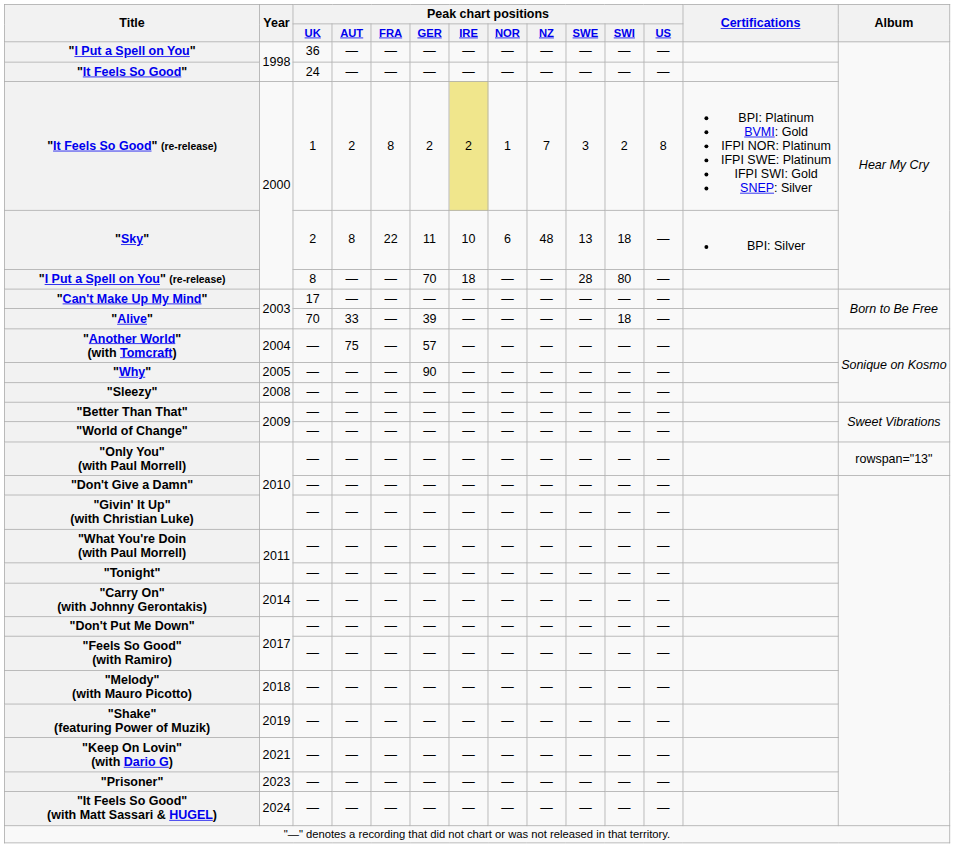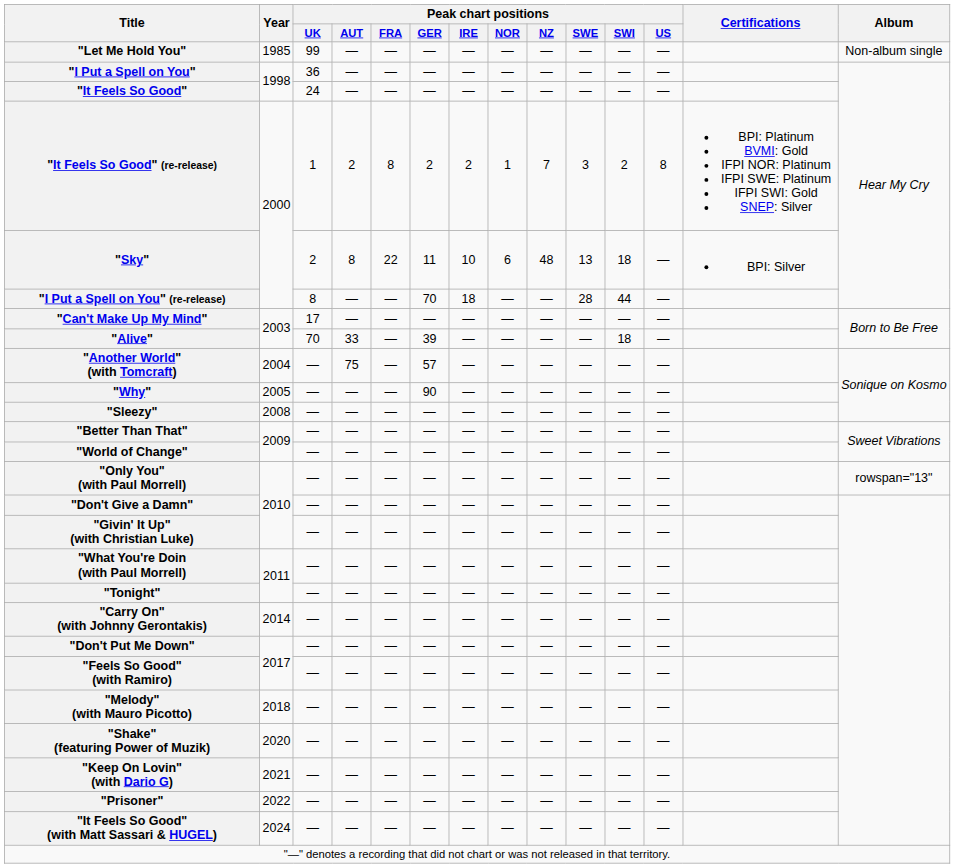 <table class="wikitable plainrowheaders" style="text-align:center;">
 <tr>
 <th scope="col" rowspan="2" style="width:20em;">Title</th>
 <th scope="col" rowspan="2">Year</th>
 <th scope="col" colspan="10">Peak chart positions</th>
 <th scope="col" rowspan="2" style="width:12em;"><a href='#'>Certifications</a></th>
 <th scope="col" rowspan="2">Album</th>
 </tr>
 <tr>
 <th style="width:3em;font-size:90%;"><a href='#'>UK</a><br></th>
 <th style="width:3em;font-size:90%;"><a href='#'>AUT</a><br></th>
 <th style="width:3em;font-size:90%;"><a href='#'>FRA</a><br></th>
 <th style="width:3em;font-size:90%;"><a href='#'>GER</a><br></th>
 <th style="width:3em;font-size:90%;"><a href='#'>IRE</a><br></th>
 <th style="width:3em;font-size:90%;"><a href='#'>NOR</a><br></th>
 <th style="width:3em;font-size:90%;"><a href='#'>NZ</a><br></th>
 <th style="width:3em;font-size:90%;"><a href='#'>SWE</a><br></th>
 <th style="width:3em;font-size:90%;"><a href='#'>SWI</a><br></th>
 <th style="width:3em;font-size:90%;"><a href='#'>US</a><br></th>
+</tr>
+<tr>
+<th scope="row">"Let Me Hold You"</th>
+<td>1985</td>
+<td>99</td>
+<td>—</td>
+<td>—</td>
+<td>—</td>
+<td>—</td>
+<td>—</td>
+<td>—</td>
+<td>—</td>
+<td>—</td>
+<td>—</td>
+<td></td>
+<td>Non-album single</td>
 </tr>
 <tr>
 <th scope="row">"<a href='#'>I Put a Spell on You</a>"</th>
 <td rowspan="2">1998</td>
 <td>36</td>
 <td>—</td>
 <td>—</td>
 <td>—</td>
 <td>—</td>
 <td>—</td>
 <td>—</td>
 <td>—</td>
 <td>—</td>
 <td>—</td>
 <td></td>
 <td rowspan="5"><em>Hear My Cry</em></td>
 </tr>
 <tr>
 <th scope="row">"<a href='#'>It Feels So Good</a>"</th>
 <td>24</td>
 <td>—</td>
 <td>—</td>
 <td>—</td>
 <td>—</td>
 <td>—</td>
 <td>—</td>
 <td>—</td>
 <td>—</td>
 <td>—</td>
 <td></td>
 </tr>
 <tr>
 <th scope="row">"<a href='#'>It Feels So Good</a>" <small>(re-release)</small></th>
 <td rowspan=3>2000</td>
 <td>1</td>
 <td>2</td>
 <td>8</td>
 <td>2</td>
-<td style="background: khaki;">2</td>
+<td>2</td>
 <td>1</td>
 <td>7</td>
 <td>3</td>
 <td>2</td>
 <td>8</td>
 <td><br><ul><li>BPI: Platinum</li><li><a href='#'>BVMI</a>: Gold</li><li>IFPI NOR: Platinum</li><li>IFPI SWE: Platinum</li><li>IFPI SWI: Gold</li><li><a href='#'>SNEP</a>: Silver</li></ul></td>
 </tr>
 <tr>
 <th scope="row">"<a href='#'>Sky</a>"</th>
 <td>2</td>
 <td>8</td>
 <td>22</td>
 <td>11</td>
 <td>10</td>
 <td>6</td>
 <td>48</td>
 <td>13</td>
 <td>18</td>
 <td>—</td>
 <td><br><ul><li>BPI: Silver</li></ul></td>
 </tr>
 <tr>
 <th scope="row">"<a href='#'>I Put a Spell on You</a>" <small>(re-release)</small></th>
 <td>8</td>
 <td>—</td>
 <td>—</td>
 <td>70</td>
 <td>18</td>
 <td>—</td>
 <td>—</td>
 <td>28</td>
-<td>80</td>
+<td>44</td>
 <td>—</td>
 <td></td>
 </tr>
 <tr>
 <th scope="row">"<a href='#'>Can't Make Up My Mind</a>"</th>
 <td rowspan="2">2003</td>
 <td>17</td>
 <td>—</td>
 <td>—</td>
 <td>—</td>
 <td>—</td>
 <td>—</td>
 <td>—</td>
 <td>—</td>
 <td>—</td>
 <td>—</td>
 <td></td>
 <td rowspan="2"><em>Born to Be Free</em></td>
 </tr>
 <tr>
 <th scope="row">"<a href='#'>Alive</a>"</th>
 <td>70</td>
 <td>33</td>
 <td>—</td>
 <td>39</td>
 <td>—</td>
 <td>—</td>
 <td>—</td>
 <td>—</td>
 <td>18</td>
 <td>—</td>
 <td></td>
 </tr>
 <tr>
 <th scope="row">"<a href='#'>Another World</a>"<br><span>(with <a href='#'>Tomcraft</a>)</span></th>
 <td>2004</td>
 <td>—</td>
 <td>75</td>
 <td>—</td>
 <td>57</td>
 <td>—</td>
 <td>—</td>
 <td>—</td>
 <td>—</td>
 <td>—</td>
 <td>—</td>
 <td></td>
 <td rowspan="3"><em>Sonique on Kosmo</em></td>
 </tr>
 <tr>
 <th scope="row">"<a href='#'>Why</a>"</th>
 <td>2005</td>
 <td>—</td>
 <td>—</td>
 <td>—</td>
 <td>90</td>
 <td>—</td>
 <td>—</td>
 <td>—</td>
 <td>—</td>
 <td>—</td>
 <td>—</td>
 <td></td>
 </tr>
 <tr>
 <th scope="row">"Sleezy"</th>
 <td>2008</td>
 <td>—</td>
 <td>—</td>
 <td>—</td>
 <td>—</td>
 <td>—</td>
 <td>—</td>
 <td>—</td>
 <td>—</td>
 <td>—</td>
 <td>—</td>
 <td></td>
 </tr>
 <tr>
 <th scope="row">"Better Than That"</th>
 <td rowspan="2">2009</td>
 <td>—</td>
 <td>—</td>
 <td>—</td>
 <td>—</td>
 <td>—</td>
 <td>—</td>
 <td>—</td>
 <td>—</td>
 <td>—</td>
 <td>—</td>
 <td></td>
 <td rowspan="2"><em>Sweet Vibrations</em></td>
 </tr>
 <tr>
 <th scope="row">"World of Change"</th>
 <td>—</td>
 <td>—</td>
 <td>—</td>
 <td>—</td>
 <td>—</td>
 <td>—</td>
 <td>—</td>
 <td>—</td>
 <td>—</td>
 <td>—</td>
 <td></td>
 </tr>
 <tr>
 <th scope="row">"Only You"<br><span>(with Paul Morrell)</span></th>
 <td rowspan="3">2010</td>
 <td>—</td>
 <td>—</td>
 <td>—</td>
 <td>—</td>
 <td>—</td>
 <td>—</td>
 <td>—</td>
 <td>—</td>
 <td>—</td>
 <td>—</td>
 <td></td>
 <td>rowspan="13" </td>
 </tr>
 <tr>
 <th scope="row">"Don't Give a Damn"</th>
 <td>—</td>
 <td>—</td>
 <td>—</td>
 <td>—</td>
 <td>—</td>
 <td>—</td>
 <td>—</td>
 <td>—</td>
 <td>—</td>
 <td>—</td>
 <td></td>
 </tr>
 <tr>
 <th scope="row">"Givin' It Up"<br><span>(with Christian Luke)</span></th>
 <td>—</td>
 <td>—</td>
 <td>—</td>
 <td>—</td>
 <td>—</td>
 <td>—</td>
 <td>—</td>
 <td>—</td>
 <td>—</td>
 <td>—</td>
 <td></td>
 </tr>
 <tr>
 <th scope="row">"What You're Doin<br><span>(with Paul Morrell)</span></th>
 <td rowspan="2">2011</td>
 <td>—</td>
 <td>—</td>
 <td>—</td>
 <td>—</td>
 <td>—</td>
 <td>—</td>
 <td>—</td>
 <td>—</td>
 <td>—</td>
 <td>—</td>
 <td></td>
 </tr>
 <tr>
 <th scope="row">"Tonight"</th>
 <td>—</td>
 <td>—</td>
 <td>—</td>
 <td>—</td>
 <td>—</td>
 <td>—</td>
 <td>—</td>
 <td>—</td>
 <td>—</td>
 <td>—</td>
 <td></td>
 </tr>
 <tr>
 <th scope="row">"Carry On"<br><span>(with Johnny Gerontakis)</span></th>
 <td>2014</td>
 <td>—</td>
 <td>—</td>
 <td>—</td>
 <td>—</td>
 <td>—</td>
 <td>—</td>
 <td>—</td>
 <td>—</td>
 <td>—</td>
 <td>—</td>
 <td></td>
 </tr>
 <tr>
 <th scope="row">"Don't Put Me Down"</th>
 <td rowspan="2">2017</td>
 <td>—</td>
 <td>—</td>
 <td>—</td>
 <td>—</td>
 <td>—</td>
 <td>—</td>
 <td>—</td>
 <td>—</td>
 <td>—</td>
 <td>—</td>
 <td></td>
 </tr>
 <tr>
 <th scope="row">"Feels So Good"<br><span>(with Ramiro)</span></th>
 <td>—</td>
 <td>—</td>
 <td>—</td>
 <td>—</td>
 <td>—</td>
 <td>—</td>
 <td>—</td>
 <td>—</td>
 <td>—</td>
 <td>—</td>
 <td></td>
 </tr>
 <tr>
 <th scope="row">"Melody"<br><span>(with Mauro Picotto)</span></th>
 <td>2018</td>
 <td>—</td>
 <td>—</td>
 <td>—</td>
 <td>—</td>
 <td>—</td>
 <td>—</td>
 <td>—</td>
 <td>—</td>
 <td>—</td>
 <td>—</td>
 <td></td>
 </tr>
 <tr>
 <th scope="row">"Shake"<br><span>(featuring Power of Muzik)</span></th>
-<td>2019</td>
+<td>2020</td>
 <td>—</td>
 <td>—</td>
 <td>—</td>
 <td>—</td>
 <td>—</td>
 <td>—</td>
 <td>—</td>
 <td>—</td>
 <td>—</td>
 <td>—</td>
 <td></td>
 </tr>
 <tr>
 <th scope="row">"Keep On Lovin" <br><span>(with <a href='#'>Dario G</a>)</span></th>
 <td>2021</td>
 <td>—</td>
 <td>—</td>
 <td>—</td>
 <td>—</td>
 <td>—</td>
 <td>—</td>
 <td>—</td>
 <td>—</td>
 <td>—</td>
 <td>—</td>
 <td></td>
 </tr>
 <tr>
 <th scope="row">"Prisoner"</th>
-<td rowspan="1">2023</td>
+<td rowspan="1">2022</td>
 <td>—</td>
 <td>—</td>
 <td>—</td>
 <td>—</td>
 <td>—</td>
 <td>—</td>
 <td>—</td>
 <td>—</td>
 <td>—</td>
 <td>—</td>
 <td></td>
 </tr>
 <tr>
 <th scope="row">"It Feels So Good"<br><span>(with Matt Sassari & <a href='#'>HUGEL</a>)</span></th>
 <td rowspan="1">2024</td>
 <td>—</td>
 <td>—</td>
 <td>—</td>
 <td>—</td>
 <td>—</td>
 <td>—</td>
 <td>—</td>
 <td>—</td>
 <td>—</td>
 <td>—</td>
 <td></td>
 </tr>
 <tr>
 <td colspan="14" style="font-size:90%">"—" denotes a recording that did not chart or was not released in that territory.</td>
 </tr>
 </table>
